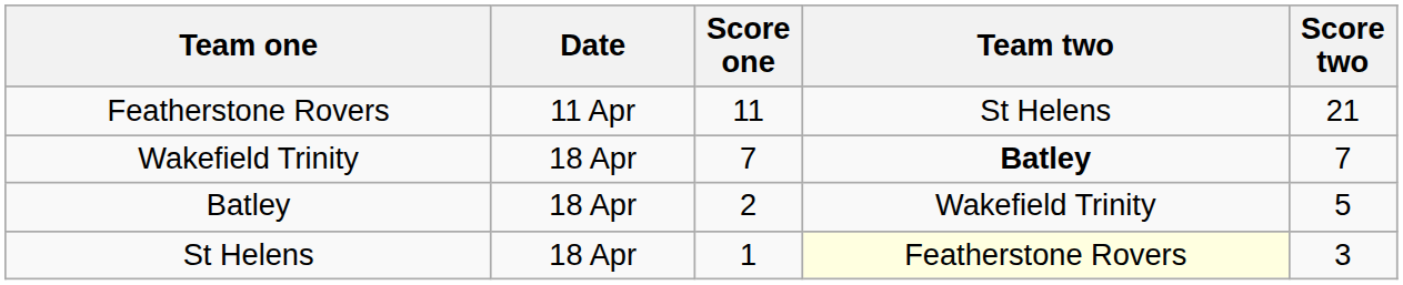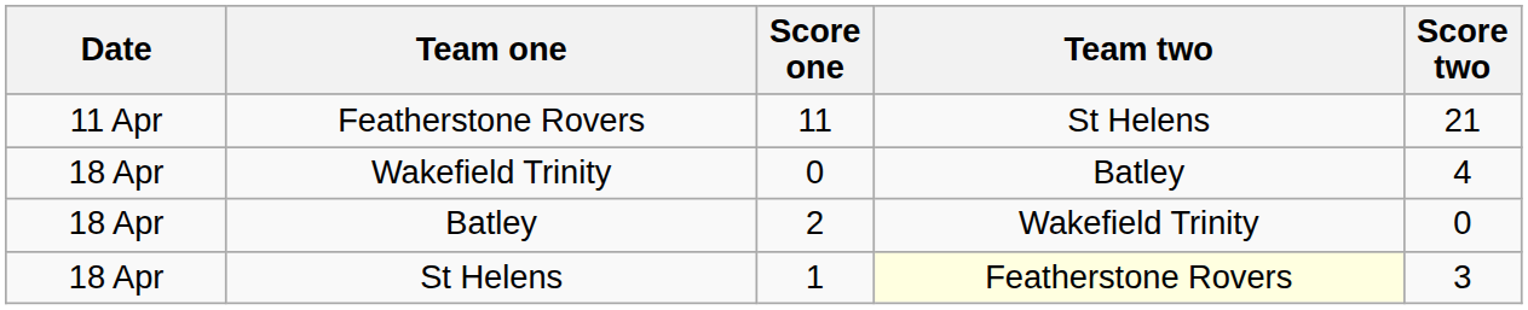 <table class="wikitable" style="text-align: center">
 <tr>
+<th width=100>Date</th>
 <th width=250>Team one</th>
-<th width=100>Date</th>
 <th width=50>Score one</th>
 <th width=250>Team two</th>
 <th width=50>Score two</th>
 </tr>
 <tr>
+<td>11 Apr</td>
 <td>Featherstone Rovers</td>
-<td>11 Apr</td>
 <td>11</td>
 <td>St Helens</td>
 <td>21</td>
 </tr>
 <tr>
+<td>18 Apr</td>
 <td>Wakefield Trinity</td>
-<td>18 Apr</td>
-<td>7</td>
-<td><strong>Batley</strong></td>
-<td>7</td>
+<td>0</td>
+<td>Batley</td>
+<td>4</td>
 </tr>
 <tr>
+<td>18 Apr</td>
 <td>Batley</td>
-<td>18 Apr</td>
 <td>2</td>
 <td>Wakefield Trinity</td>
-<td>5</td>
+<td>0</td>
 </tr>
 <tr>
+<td>18 Apr</td>
 <td>St Helens</td>
-<td>18 Apr</td>
 <td>1</td>
 <td style="background: lightyellow;">Featherstone Rovers</td>
 <td>3</td>
 </tr>
 </table>
